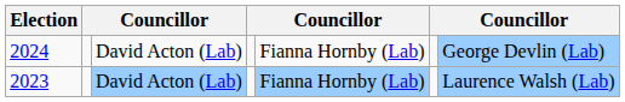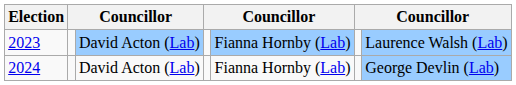 <table class="wikitable">
 <tr>
 <th>Election</th>
 <th colspan="2">Councillor</th>
 <th colspan="2">Councillor</th>
 <th colspan="2">Councillor</th>
+</tr>
+<tr>
+<td><a href='#'>2023</a></td>
+<td style="background-color: "></td>
+<td bgcolor="#99CCFF">David Acton  (<a href='#'>Lab</a>)</td>
+<td style="background-color: "></td>
+<td bgcolor="#99CCFF">Fianna Hornby (<a href='#'>Lab</a>)</td>
+<td style="background-color: "></td>
+<td bgcolor="#99CCFF">Laurence Walsh (<a href='#'>Lab</a>)</td>
 </tr>
 <tr>
 <td><a href='#'>2024</a></td>
 <td style="background-color: "></td>
 <td bgcolor=>David Acton  (<a href='#'>Lab</a>)</td>
 <td style="background-color: "></td>
 <td bgcolor=>Fianna Hornby (<a href='#'>Lab</a>)</td>
 <td style="background-color: "></td>
 <td bgcolor="#99CCFF">George Devlin (<a href='#'>Lab</a>)</td>
 </tr>
-<tr>
-<td><a href='#'>2023</a></td>
-<td style="background-color: "></td>
-<td bgcolor="#99CCFF">David Acton  (<a href='#'>Lab</a>)</td>
-<td style="background-color: "></td>
-<td bgcolor="#99CCFF">Fianna Hornby (<a href='#'>Lab</a>)</td>
-<td style="background-color: "></td>
-<td bgcolor="#99CCFF">Laurence Walsh (<a href='#'>Lab</a>)</td>
-</tr>
 </table>
